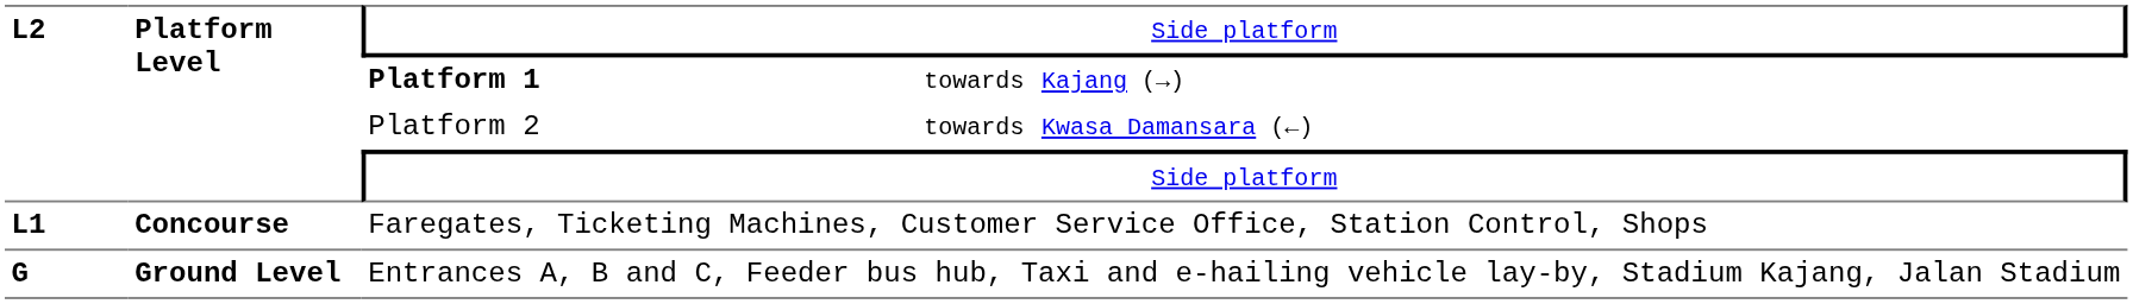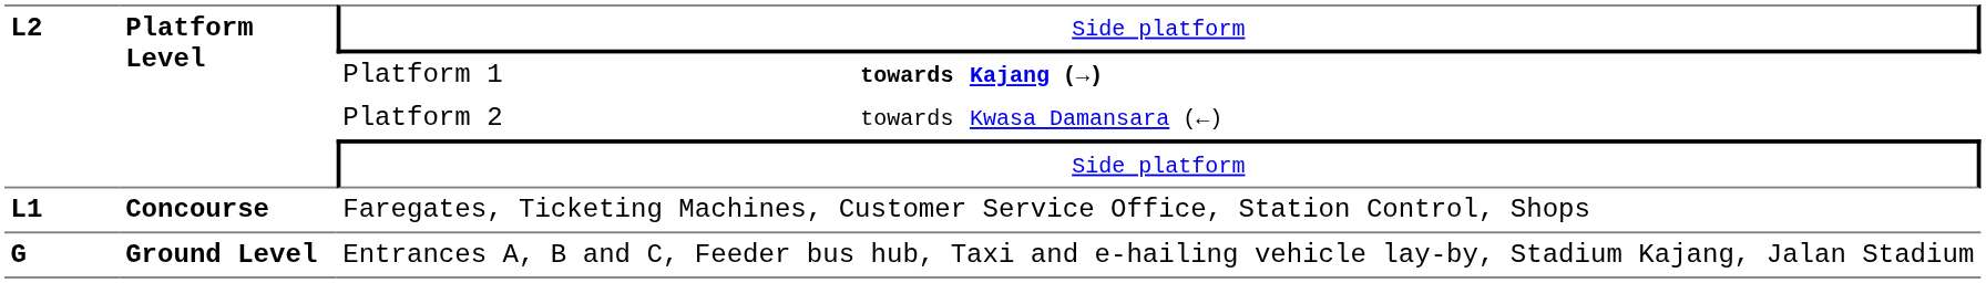 <table cellpadding="3" cellspacing="0" border="0">
 <tr>
 <td rowspan="4" valign="top" width="50" style="border-top:solid 1px gray;border-bottom:solid 1px gray;"><strong>L2</strong></td>
 <td rowspan="4" valign="top" width="100" style="border-top:solid 1px gray;border-bottom:solid 1px gray;"><strong>Platform Level</strong></td>
 <td colspan="2" style="width=500;border-top:solid 1px gray;border-right:solid 2px black;border-left:solid 2px black;border-bottom:solid 2px black;text-align:center;"><small><a href='#'>Side platform</a></small></td>
 </tr>
 <tr>
-<td><strong>Platform 1</strong></td>
-<td>  <small>towards</small>  <small><a href='#'>Kajang</a> (→)</small></td>
+<td>Platform 1</td>
+<td><strong>  <small>towards</small>  <small><a href='#'>Kajang</a> (→)</small></strong></td>
 </tr>
 <tr>
 <td>Platform 2</td>
 <td>  <small>towards</small>  <small><a href='#'>Kwasa Damansara</a> (←)</small></td>
 </tr>
 <tr>
 <td colspan="2" style="width=500;border-top:solid 2px black;border-right:solid 2px black;border-left:solid 2px black;border-bottom:solid 1px gray;text-align:center;"><small><a href='#'>Side platform</a></small></td>
 </tr>
 <tr style="vertical-align:top;">
 <td style="border-bottom:solid 1px gray; "><strong>L1</strong></td>
 <td style="border-bottom:solid 1px gray; "><strong>Concourse</strong></td>
 <td colspan="2" width="500" style="border-bottom:solid 1px gray; ">Faregates, Ticketing Machines, Customer Service Office, Station Control, Shops</td>
 </tr>
 <tr>
 <td style="border-bottom:solid 1px gray; "><strong>G</strong></td>
 <td style="border-bottom:solid 1px gray; "><strong>Ground Level</strong></td>
 <td colspan="2" style="border-bottom:solid 1px gray; ">Entrances A, B and C, Feeder bus hub, Taxi and e-hailing vehicle lay-by, Stadium Kajang, Jalan Stadium</td>
 </tr>
 </table>
